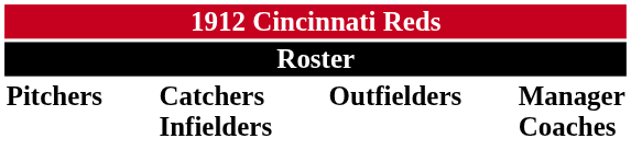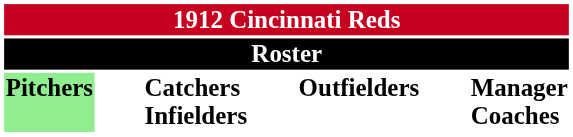 <table class="toccolours">
 <tr>
 <th colspan="10" style="background-color: #c6011f; color: white; text-align: center;">1912 Cincinnati Reds</th>
 </tr>
 <tr>
 <td colspan="10" style="background-color: black; color: white; text-align: center;"><strong>Roster</strong></td>
 </tr>
 <tr>
-<td valign="top"><strong>Pitchers</strong><br>                       </td>
+<td valign="top" style="background: lightgreen;"><strong>Pitchers</strong><br>                       </td>
 <td width="25px"></td>
 <td valign="top"><strong>Catchers</strong><br>    <strong>Infielders</strong>       </td>
 <td width="25px"></td>
 <td valign="top"><strong>Outfielders</strong><br>     </td>
 <td width="25px"></td>
 <td valign="top"><strong>Manager</strong><br> <strong>Coaches</strong> </td>
 </tr>
 </table>
